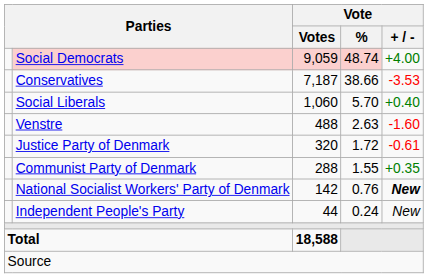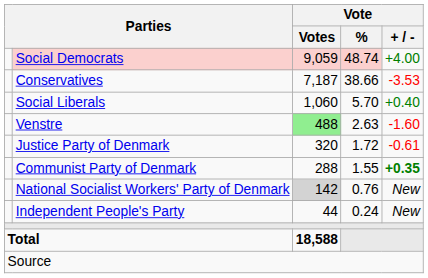 <table class="wikitable" style="text-align:right;">
 <tr>
 <th style="text-align:centre;" rowspan="2" colspan="2" width="225">Parties</th>
 <th colspan="3">Vote</th>
 </tr>
 <tr>
 <th width="15">Votes</th>
 <th width="15">%</th>
 <th width="15">+ / -</th>
 </tr>
 <tr>
 <td width="2" style="color:inherit;background:"></td>
 <td bgcolor=#fbd0ce  align="left"><a href='#'>Social Democrats</a></td>
 <td bgcolor=#fbd0ce>9,059</td>
 <td bgcolor=#fbd0ce>48.74</td>
 <td style=color:green;>+4.00</td>
 </tr>
 <tr>
 <td width="2" style="color:inherit;background:"></td>
 <td align="left"><a href='#'>Conservatives</a></td>
 <td>7,187</td>
 <td>38.66</td>
 <td style=color:red;>-3.53</td>
 </tr>
 <tr>
 <td width="2" style="color:inherit;background:"></td>
 <td align="left"><a href='#'>Social Liberals</a></td>
 <td>1,060</td>
 <td>5.70</td>
 <td style=color:green;>+0.40</td>
 </tr>
 <tr>
 <td width="2" style="color:inherit;background:"></td>
 <td align="left"><a href='#'>Venstre</a></td>
-<td>488</td>
+<td style="background: lightgreen;">488</td>
 <td>2.63</td>
 <td style=color:red;>-1.60</td>
 </tr>
 <tr>
 <td width="2" style="color:inherit;background:"></td>
 <td align="left"><a href='#'>Justice Party of Denmark</a></td>
 <td>320</td>
 <td>1.72</td>
 <td style=color:red;>-0.61</td>
 </tr>
 <tr>
 <td width="2" style="color:inherit;background:"></td>
 <td align="left"><a href='#'>Communist Party of Denmark</a></td>
 <td>288</td>
 <td>1.55</td>
-<td style=color:green;>+0.35</td>
+<td style=color:green;><strong>+0.35</strong></td>
 </tr>
 <tr>
 <td width="2" style="color:inherit;background:"></td>
 <td align="left"><a href='#'>National Socialist Workers' Party of Denmark</a></td>
-<td>142</td>
+<td style="background: lightgrey;">142</td>
 <td>0.76</td>
-<td><strong><em>New</em></strong></td>
+<td><em>New</em></td>
 </tr>
 <tr>
 <td width="2" style="color:inherit;background:"></td>
 <td align="left"><a href='#'>Independent People's Party</a></td>
 <td>44</td>
 <td>0.24</td>
 <td><em>New</em></td>
 </tr>
 <tr>
 <td colspan="7" bgcolor="#E9E9E9"></td>
 </tr>
 <tr>
 <td align="left" colspan="2"><strong>Total</strong></td>
 <td><strong>18,588</strong></td>
 <td bgcolor="#E9E9E9" colspan="2"></td>
 </tr>
 <tr>
 <td align="left" colspan="6">Source</td>
 </tr>
 </table>
